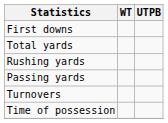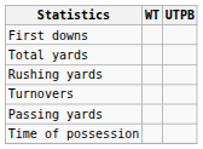 <table class="wikitable" style="float: left;">
 <tr>
 <th>Statistics</th>
 <th>WT</th>
 <th>UTPB</th>
 </tr>
 <tr>
 <td>First downs</td>
 <td></td>
 <td></td>
 </tr>
 <tr>
 <td>Total yards</td>
 <td></td>
 <td></td>
 </tr>
 <tr>
 <td>Rushing yards</td>
 <td></td>
 <td></td>
 </tr>
 <tr>
-<td>Passing yards</td>
+<td>Turnovers</td>
 <td></td>
 <td></td>
 </tr>
 <tr>
-<td>Turnovers</td>
+<td>Passing yards</td>
 <td></td>
 <td></td>
 </tr>
 <tr>
 <td>Time of possession</td>
 <td></td>
 <td></td>
 </tr>
 <tr>
 </tr>
 </table>
